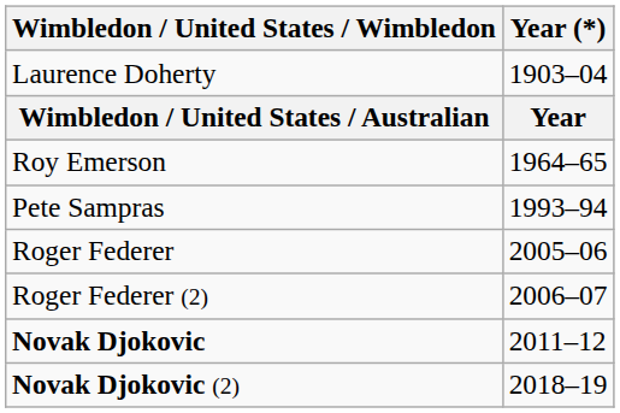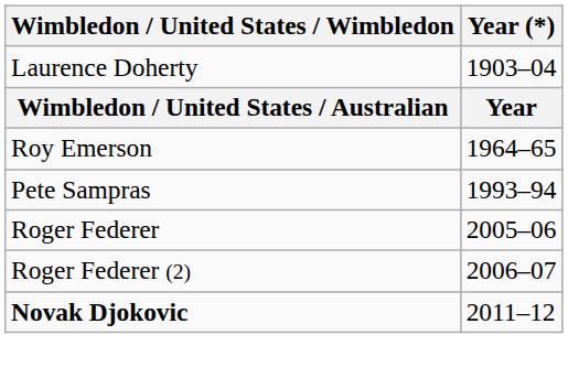 <table class=wikitable style="display:inline-table;">
 <tr>
 <th>Wimbledon / United States / Wimbledon</th>
 <th>Year (*)</th>
 </tr>
 <tr>
 <td> Laurence Doherty</td>
 <td>1903–04</td>
 </tr>
 <tr>
 <th>Wimbledon / United States / Australian</th>
 <th>Year</th>
 </tr>
 <tr>
 <td> Roy Emerson</td>
 <td>1964–65</td>
 </tr>
 <tr>
 <td> Pete Sampras</td>
 <td>1993–94</td>
 </tr>
 <tr>
 <td> Roger Federer</td>
 <td>2005–06</td>
 </tr>
 <tr>
 <td> Roger Federer <small>(2) </small></td>
 <td>2006–07</td>
 </tr>
 <tr>
 <td> <strong>Novak Djokovic</strong></td>
 <td>2011–12</td>
 </tr>
-<tr>
-<td> <strong>Novak Djokovic</strong> <small>(2) </small></td>
-<td>2018–19</td>
-</tr>
 </table>
